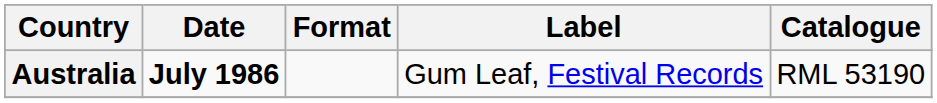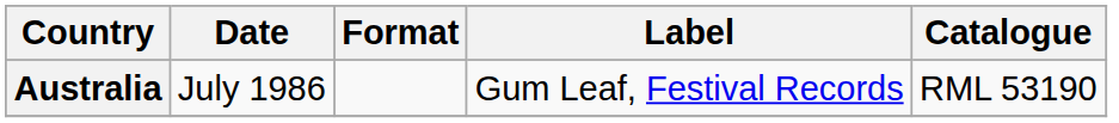 <table class="wikitable plainrowheaders">
 <tr>
 <th scope="col">Country</th>
 <th scope="col">Date</th>
 <th scope="col">Format</th>
 <th scope="col">Label</th>
 <th scope="col">Catalogue</th>
 </tr>
 <tr>
 <th scope="row">Australia</th>
-<td><strong>July 1986</strong></td>
+<td>July 1986</td>
 <td></td>
 <td>Gum Leaf, <a href='#'>Festival Records</a></td>
 <td>RML 53190</td>
 </tr>
 <tr>
 </tr>
 </table>
